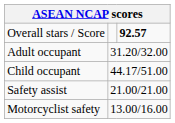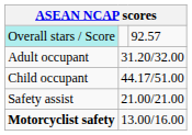 <table class="wikitable">
 <tr>
 <th colspan="3"><a href='#'>ASEAN NCAP</a> scores</th>
 </tr>
 <tr>
-<td>Overall stars / Score</td>
+<td style="background: paleturquoise;">Overall stars / Score</td>
 <td></td>
-<td><strong>92.57</strong></td>
+<td>92.57</td>
 </tr>
 <tr>
 <td>Adult occupant</td>
 <td colspan="2">31.20/32.00</td>
 </tr>
 <tr>
 <td>Child occupant</td>
 <td colspan="2">44.17/51.00</td>
 </tr>
 <tr>
 <td>Safety assist</td>
 <td colspan="2">21.00/21.00</td>
 </tr>
 <tr>
-<td>Motorcyclist safety</td>
+<td><strong>Motorcyclist safety</strong></td>
 <td colspan="2">13.00/16.00</td>
 </tr>
 </table>
